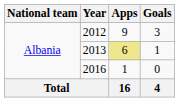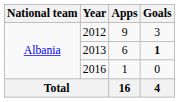 <table class="wikitable" style="text-align:center">
 <tr>
 <th>National team</th>
 <th>Year</th>
 <th>Apps</th>
 <th>Goals</th>
 </tr>
 <tr>
 <td rowspan="3"><a href='#'>Albania</a></td>
 <td>2012</td>
 <td>9</td>
 <td>3</td>
 </tr>
 <tr>
 <td>2013</td>
-<td style="background: khaki;">6</td>
-<td>1</td>
+<td>6</td>
+<td><strong>1</strong></td>
 </tr>
 <tr>
 <td>2016</td>
 <td>1</td>
 <td>0</td>
 </tr>
 <tr>
 <th colspan="2">Total</th>
 <th>16</th>
 <th>4</th>
 </tr>
 </table>
